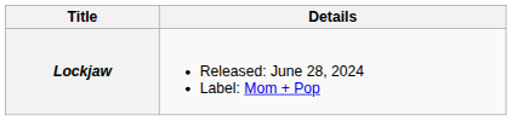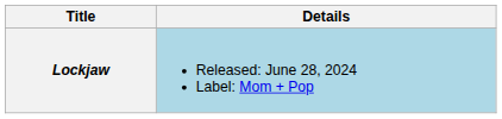 <table class="wikitable plainrowheaders">
 <tr>
 <th scope="col" style="width:10em;">Title</th>
 <th scope="col" style="width:23em;">Details</th>
 </tr>
 <tr>
 <th scope="row"><em>Lockjaw</em></th>
-<td><br><ul><li>Released: June 28, 2024</li><li>Label: <a href='#'>Mom + Pop</a></li></ul></td>
+<td style="background: lightblue;"><br><ul><li>Released: June 28, 2024</li><li>Label: <a href='#'>Mom + Pop</a></li></ul></td>
 </tr>
 </table>
